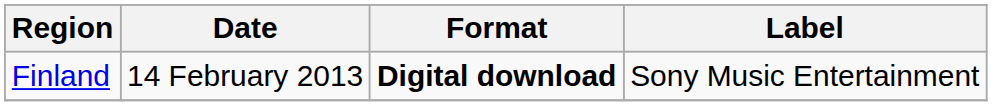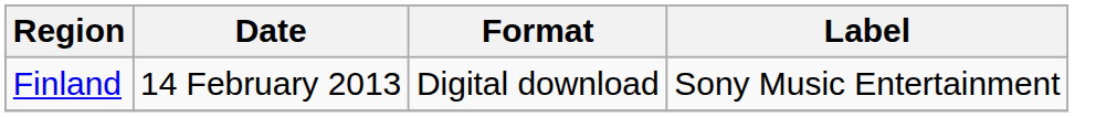 <table class=wikitable>
 <tr>
 <th>Region</th>
 <th>Date</th>
 <th>Format</th>
 <th>Label</th>
 </tr>
 <tr>
 <td><a href='#'>Finland</a></td>
 <td>14 February 2013</td>
-<td><strong>Digital download</strong></td>
+<td>Digital download</td>
 <td>Sony Music Entertainment</td>
 </tr>
 <tr>
 </tr>
 </table>
